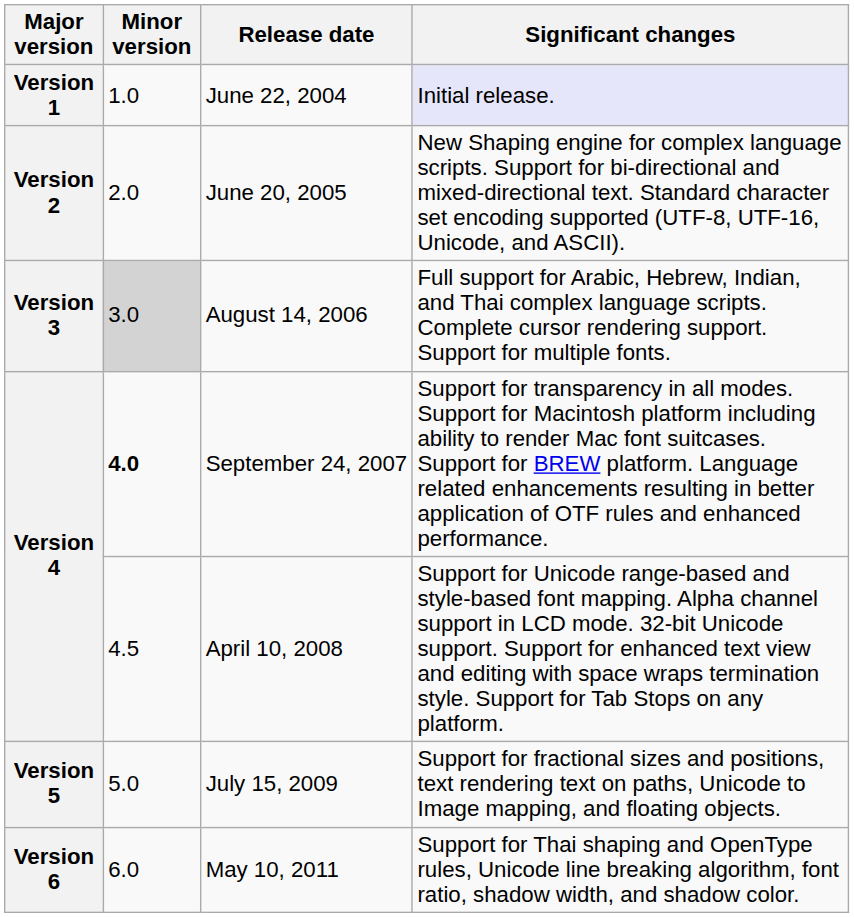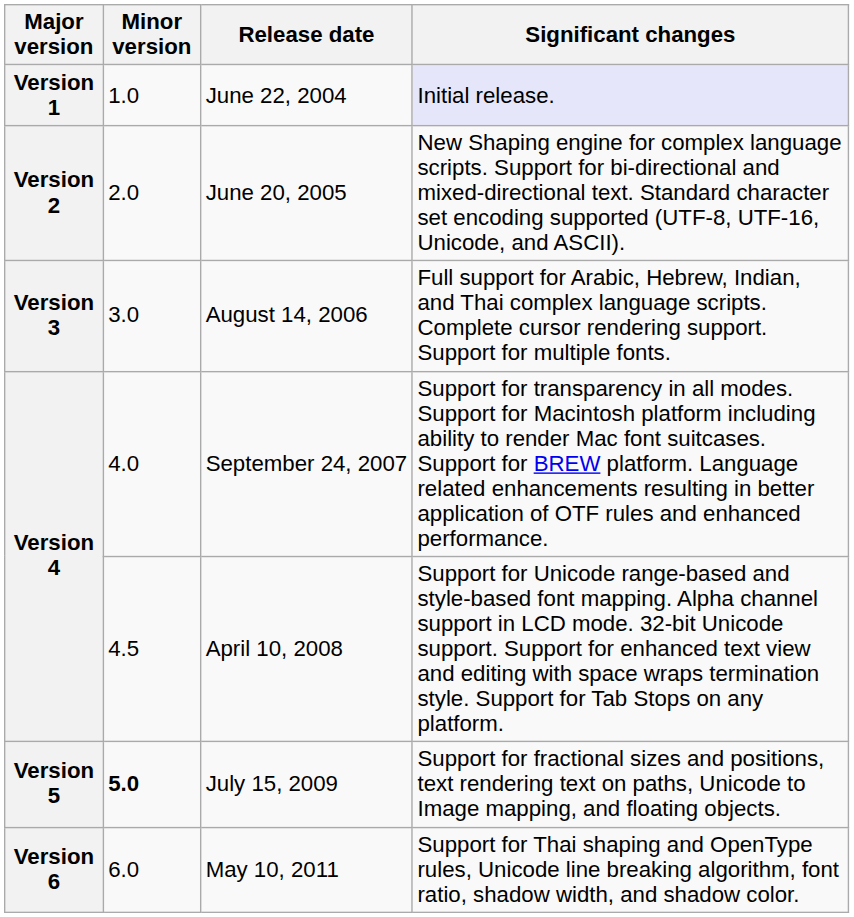 <table class="wikitable">
 <tr>
 <th>Major version</th>
 <th>Minor version</th>
 <th>Release date</th>
 <th>Significant changes</th>
 </tr>
 <tr>
 <th rowspan="1">Version 1</th>
 <td style="white-space: nowrap;">1.0</td>
 <td style="white-space: nowrap;">June 22, 2004</td>
 <td style="background: lavender;">Initial release.</td>
 </tr>
 <tr>
 <th rowspan="1">Version 2</th>
 <td style="white-space: nowrap;">2.0</td>
 <td style="white-space: nowrap;">June 20, 2005</td>
 <td>New Shaping engine for complex language scripts. Support for bi-directional and mixed-directional text. Standard character set encoding supported (UTF-8, UTF-16, Unicode, and ASCII).</td>
 </tr>
 <tr>
 <th rowspan="1">Version 3</th>
-<td style="background: lightgrey; white-space: nowrap;">3.0</td>
+<td style="white-space: nowrap;">3.0</td>
 <td style="white-space: nowrap;">August 14, 2006</td>
 <td>Full support for Arabic, Hebrew, Indian, and Thai complex language scripts. Complete cursor rendering support. Support for multiple fonts.</td>
 </tr>
 <tr>
 <th rowspan="2">Version 4</th>
-<td style="white-space: nowrap;"><strong>4.0</strong></td>
+<td style="white-space: nowrap;">4.0</td>
 <td style="white-space: nowrap;">September 24, 2007</td>
 <td>Support for transparency in all modes. Support for Macintosh platform including ability to render Mac font suitcases. Support for <a href='#'>BREW</a> platform. Language related enhancements resulting in better application of OTF rules and enhanced performance.</td>
 </tr>
 <tr>
 <td style="white-space: nowrap;">4.5</td>
 <td style="white-space: nowrap;">April 10, 2008</td>
 <td>Support for Unicode range-based and style-based font mapping. Alpha channel support in LCD mode. 32-bit Unicode support. Support for enhanced text view and editing with space wraps termination style. Support for Tab Stops on any platform.</td>
 </tr>
 <tr>
 <th rowspan="1">Version 5</th>
-<td style="white-space: nowrap;">5.0</td>
+<td style="white-space: nowrap;"><strong>5.0</strong></td>
 <td style="white-space: nowrap;">July 15, 2009</td>
 <td>Support for fractional sizes and positions, text rendering text on paths, Unicode to Image mapping, and floating objects.</td>
 </tr>
 <tr>
 <th rowspan="1">Version 6</th>
 <td style="white-space: nowrap;">6.0</td>
 <td style="white-space: nowrap;">May 10, 2011</td>
 <td>Support for Thai shaping and OpenType rules, Unicode line breaking algorithm, font ratio, shadow width, and shadow color.</td>
 </tr>
 </table>
